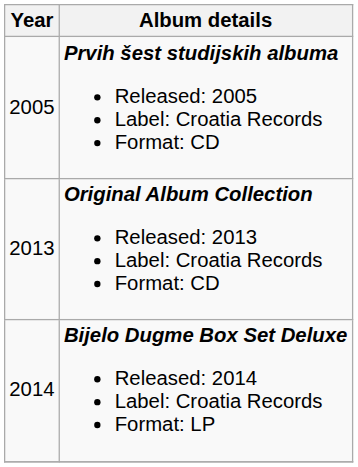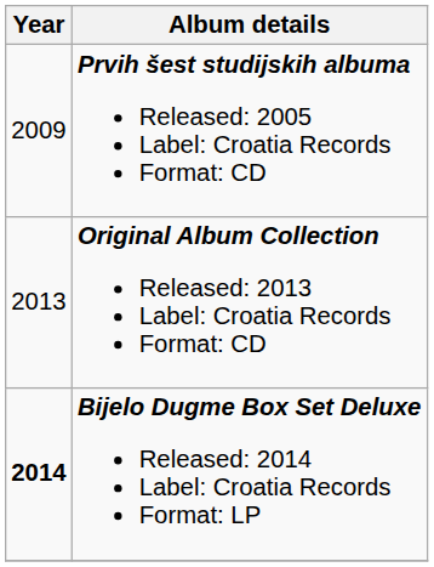 <table class ="wikitable">
 <tr>
 <th>Year</th>
 <th>Album details</th>
 </tr>
 <tr>
-<td align="center" rowspan="1">2005</td>
+<td align="center" rowspan="1">2009</td>
 <td><strong><em>Prvih šest studijskih albuma</em></strong><br><ul><li>Released: 2005</li><li>Label: Croatia Records</li><li>Format: CD</li></ul></td>
 </tr>
 <tr>
 <td align="center" rowspan="1">2013</td>
 <td><strong><em>Original Album Collection</em></strong><br><ul><li>Released: 2013</li><li>Label: Croatia Records</li><li>Format: CD</li></ul></td>
 </tr>
 <tr>
-<td align="center" rowspan="1">2014</td>
+<td align="center" rowspan="1"><strong>2014</strong></td>
 <td><strong><em>Bijelo Dugme Box Set Deluxe</em></strong><br><ul><li>Released: 2014</li><li>Label: Croatia Records</li><li>Format: LP</li></ul></td>
 </tr>
 <tr>
 </tr>
 </table>
